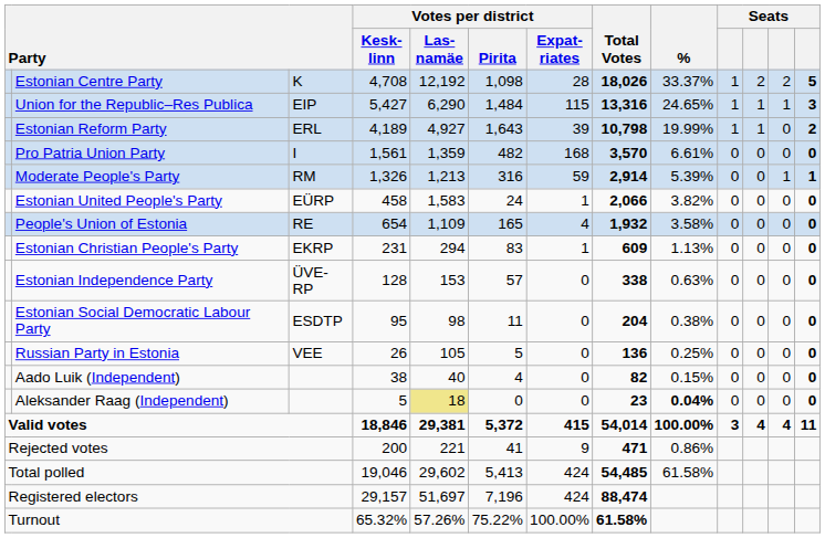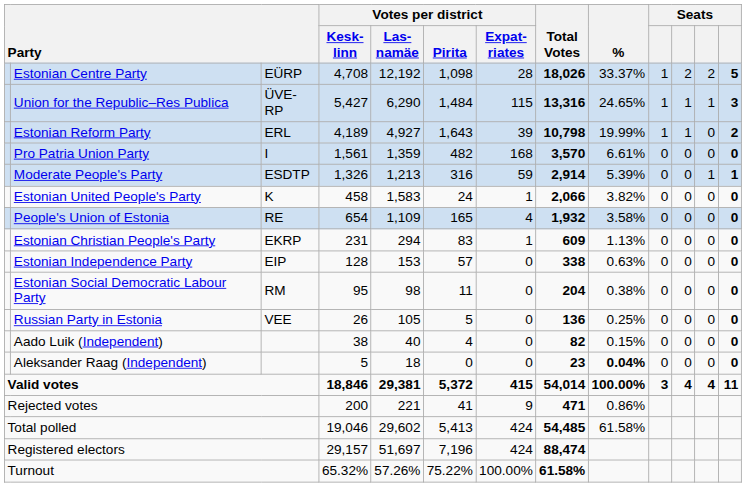 <table class="wikitable" border="1" style="text-align:right;">
 <tr>
 <th style="text-align:left;" valign=bottom rowspan=2 colspan=3>Party</th>
 <th colspan=4>Votes per district</th>
 <th align=center valign=bottom rowspan=2 width="50">Total Votes</th>
 <th align=center valign=bottom rowspan=2 width="50">%</th>
 <th colspan=4>Seats</th>
 </tr>
 <tr>
 <th align=center valign=bottom width="50"><a href='#'>Kesk- linn</a></th>
 <th align=center valign=bottom width="50"><a href='#'>Las- namäe</a></th>
 <th align=center valign=bottom width="50"><a href='#'>Pirita</a></th>
 <th align=center valign=bottom width="50"><a href='#'>Expat- riates</a></th>
 <th align=center valign=bottom width="20"><small></small></th>
 <th align=center valign=bottom width="20"><small></small></th>
 <th align=center valign=bottom width="20"><small></small></th>
 <th align=center valign=bottom width="20"><small></small></th>
 </tr>
 <tr style="background:#CEE0F2;">
 <td style="background:"></td>
 <td align=left><a href='#'>Estonian Centre Party</a></td>
-<td align=left>K</td>
+<td align=left>EÜRP</td>
 <td>4,708</td>
 <td>12,192</td>
 <td>1,098</td>
 <td>28</td>
 <td><strong>18,026</strong></td>
 <td>33.37%</td>
 <td>1</td>
 <td>2</td>
 <td>2</td>
 <td><strong>5</strong></td>
 </tr>
 <tr style="background:#CEE0F2;">
 <td style="background:"></td>
 <td align=left><a href='#'>Union for the Republic–Res Publica</a></td>
-<td align=left>EIP</td>
+<td align=left>ÜVE-RP</td>
 <td>5,427</td>
 <td>6,290</td>
 <td>1,484</td>
 <td>115</td>
 <td><strong>13,316</strong></td>
 <td>24.65%</td>
 <td>1</td>
 <td>1</td>
 <td>1</td>
 <td><strong>3</strong></td>
 </tr>
 <tr style="background:#CEE0F2;">
 <td style="background:"></td>
 <td align=left><a href='#'>Estonian Reform Party</a></td>
 <td align=left>ERL</td>
 <td>4,189</td>
 <td>4,927</td>
 <td>1,643</td>
 <td>39</td>
 <td><strong>10,798</strong></td>
 <td>19.99%</td>
 <td>1</td>
 <td>1</td>
 <td>0</td>
 <td><strong>2</strong></td>
 </tr>
 <tr style="background:#CEE0F2;">
 <td style="background:"></td>
 <td align=left><a href='#'>Pro Patria Union Party</a></td>
 <td align=left>I</td>
 <td>1,561</td>
 <td>1,359</td>
 <td>482</td>
 <td>168</td>
 <td><strong>3,570</strong></td>
 <td>6.61%</td>
 <td>0</td>
 <td>0</td>
 <td>0</td>
 <td><strong>0</strong></td>
 </tr>
 <tr style="background:#CEE0F2;">
 <td style="background:"></td>
 <td align=left><a href='#'>Moderate People's Party</a></td>
-<td align=left>RM</td>
+<td align=left>ESDTP</td>
 <td>1,326</td>
 <td>1,213</td>
 <td>316</td>
 <td>59</td>
 <td><strong>2,914</strong></td>
 <td>5.39%</td>
 <td>0</td>
 <td>0</td>
 <td>1</td>
 <td><strong>1</strong></td>
 </tr>
 <tr>
 <td style="background:"></td>
 <td align=left><a href='#'>Estonian United People's Party</a></td>
-<td align=left>EÜRP</td>
+<td align=left>K</td>
 <td>458</td>
 <td>1,583</td>
 <td>24</td>
 <td>1</td>
 <td><strong>2,066</strong></td>
 <td>3.82%</td>
 <td>0</td>
 <td>0</td>
 <td>0</td>
 <td><strong>0</strong></td>
 </tr>
 <tr style="background:#CEE0F2;">
 <td style="background:"></td>
 <td align=left><a href='#'>People's Union of Estonia</a></td>
 <td align=left>RE</td>
 <td>654</td>
 <td>1,109</td>
 <td>165</td>
 <td>4</td>
 <td><strong>1,932</strong></td>
 <td>3.58%</td>
 <td>0</td>
 <td>0</td>
 <td>0</td>
 <td><strong>0</strong></td>
 </tr>
 <tr>
 <td style="background:"></td>
 <td align=left><a href='#'>Estonian Christian People's Party</a></td>
 <td align=left>EKRP</td>
 <td>231</td>
 <td>294</td>
 <td>83</td>
 <td>1</td>
 <td><strong>609</strong></td>
 <td>1.13%</td>
 <td>0</td>
 <td>0</td>
 <td>0</td>
 <td><strong>0</strong></td>
 </tr>
 <tr>
 <td style="background:"></td>
 <td align=left><a href='#'>Estonian Independence Party</a></td>
-<td align=left>ÜVE-RP</td>
+<td align=left>EIP</td>
 <td>128</td>
 <td>153</td>
 <td>57</td>
 <td>0</td>
 <td><strong>338</strong></td>
 <td>0.63%</td>
 <td>0</td>
 <td>0</td>
 <td>0</td>
 <td><strong>0</strong></td>
 </tr>
 <tr>
 <td style="background:"></td>
 <td align=left><a href='#'>Estonian Social Democratic Labour Party</a></td>
-<td align=left>ESDTP</td>
+<td align=left>RM</td>
 <td>95</td>
 <td>98</td>
 <td>11</td>
 <td>0</td>
 <td><strong>204</strong></td>
 <td>0.38%</td>
 <td>0</td>
 <td>0</td>
 <td>0</td>
 <td><strong>0</strong></td>
 </tr>
 <tr>
 <td></td>
 <td align=left><a href='#'>Russian Party in Estonia</a></td>
 <td align=left>VEE</td>
 <td>26</td>
 <td>105</td>
 <td>5</td>
 <td>0</td>
 <td><strong>136</strong></td>
 <td>0.25%</td>
 <td>0</td>
 <td>0</td>
 <td>0</td>
 <td><strong>0</strong></td>
 </tr>
 <tr>
 <td style="background:"></td>
 <td align=left>Aado Luik (<a href='#'>Independent</a>)</td>
 <td></td>
 <td>38</td>
 <td>40</td>
 <td>4</td>
 <td>0</td>
 <td><strong>82</strong></td>
 <td>0.15%</td>
 <td>0</td>
 <td>0</td>
 <td>0</td>
 <td><strong>0</strong></td>
 </tr>
 <tr>
 <td style="background:"></td>
 <td align=left>Aleksander Raag (<a href='#'>Independent</a>)</td>
 <td></td>
 <td>5</td>
-<td style="background: khaki;">18</td>
+<td>18</td>
 <td>0</td>
 <td>0</td>
 <td><strong>23</strong></td>
 <td><strong>0.04%</strong></td>
 <td>0</td>
 <td>0</td>
 <td>0</td>
 <td><strong>0</strong></td>
 </tr>
 <tr style="font-weight:bold">
 <td align=left colspan=3>Valid votes</td>
 <td>18,846</td>
 <td>29,381</td>
 <td>5,372</td>
 <td>415</td>
 <td>54,014</td>
 <td>100.00%</td>
 <td>3</td>
 <td>4</td>
 <td>4</td>
 <td>11</td>
 </tr>
 <tr>
 <td align=left colspan=3>Rejected votes</td>
 <td>200</td>
 <td>221</td>
 <td>41</td>
 <td>9</td>
 <td><strong>471</strong></td>
 <td>0.86%</td>
 <td></td>
 <td></td>
 <td></td>
 <td></td>
 </tr>
 <tr>
 <td align=left colspan=3>Total polled</td>
 <td>19,046</td>
 <td>29,602</td>
 <td>5,413</td>
 <td>424</td>
 <td><strong>54,485</strong></td>
 <td>61.58%</td>
 <td></td>
 <td></td>
 <td></td>
 <td></td>
 </tr>
 <tr>
 <td align=left colspan=3>Registered electors</td>
 <td>29,157</td>
 <td>51,697</td>
 <td>7,196</td>
 <td>424</td>
 <td><strong>88,474</strong></td>
 <td></td>
 <td></td>
 <td></td>
 <td></td>
 <td></td>
 </tr>
 <tr>
 <td align=left colspan=3>Turnout</td>
 <td>65.32%</td>
 <td>57.26%</td>
 <td>75.22%</td>
 <td>100.00%</td>
 <td><strong>61.58%</strong></td>
 <td></td>
 <td></td>
 <td></td>
 <td></td>
 <td></td>
 </tr>
 </table>
